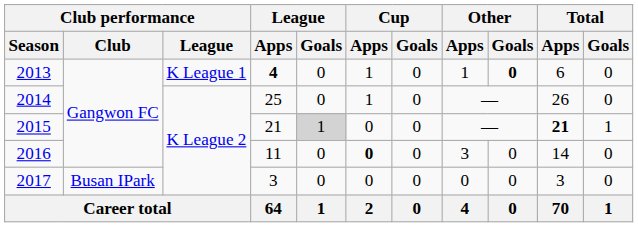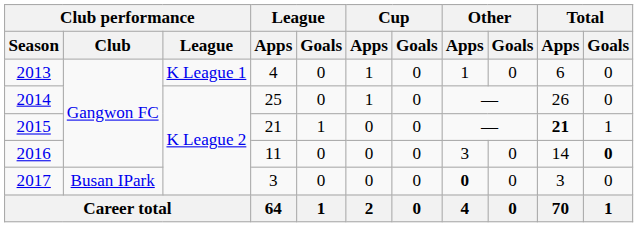 <table class="wikitable" style="text-align:center">
 <tr>
 <th colspan=3>Club performance</th>
 <th colspan=2>League</th>
 <th colspan=2>Cup</th>
 <th colspan=2>Other</th>
 <th colspan=2>Total</th>
 </tr>
 <tr>
 <th>Season</th>
 <th>Club</th>
 <th>League</th>
 <th>Apps</th>
 <th>Goals</th>
 <th>Apps</th>
 <th>Goals</th>
 <th>Apps</th>
 <th>Goals</th>
 <th>Apps</th>
 <th>Goals</th>
 </tr>
 <tr>
 <td><a href='#'>2013</a></td>
 <td rowspan="4"><a href='#'>Gangwon FC</a></td>
 <td rowspan="1"><a href='#'>K League 1</a></td>
-<td><strong>4</strong></td>
+<td>4</td>
 <td>0</td>
 <td>1</td>
 <td>0</td>
 <td>1</td>
-<td><strong>0</strong></td>
+<td>0</td>
 <td>6</td>
 <td>0</td>
 </tr>
 <tr>
 <td><a href='#'>2014</a></td>
 <td rowspan="4"><a href='#'>K League 2</a></td>
 <td>25</td>
 <td>0</td>
 <td>1</td>
 <td>0</td>
 <td colspan="2">—</td>
 <td>26</td>
 <td>0</td>
 </tr>
 <tr>
 <td><a href='#'>2015</a></td>
 <td>21</td>
-<td style="background: lightgrey;">1</td>
+<td>1</td>
 <td>0</td>
 <td>0</td>
 <td colspan="2">—</td>
 <td><strong>21</strong></td>
 <td>1</td>
 </tr>
 <tr>
 <td><a href='#'>2016</a></td>
 <td>11</td>
 <td>0</td>
-<td><strong>0</strong></td>
+<td>0</td>
 <td>0</td>
 <td>3</td>
 <td>0</td>
 <td>14</td>
-<td>0</td>
+<td><strong>0</strong></td>
 </tr>
 <tr>
 <td><a href='#'>2017</a></td>
 <td><a href='#'>Busan IPark</a></td>
 <td>3</td>
 <td>0</td>
 <td>0</td>
 <td>0</td>
-<td>0</td>
+<td><strong>0</strong></td>
 <td>0</td>
 <td>3</td>
 <td>0</td>
 </tr>
 <tr>
 <th colspan=3>Career total</th>
 <th>64</th>
 <th>1</th>
 <th>2</th>
 <th>0</th>
 <th>4</th>
 <th>0</th>
 <th>70</th>
 <th>1</th>
 </tr>
 </table>
